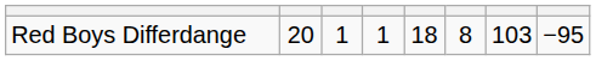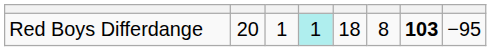 <table class="wikitable" style="text-align: center;">
 <tr>
 <th style="width:175px;"></th>
 <th width="20"></th>
 <th width="20"></th>
 <th width="20"></th>
 <th width="20"></th>
 <th width="20"></th>
 <th width="20"></th>
 <th width="20"></th>
 </tr>
 <tr>
 <td align=left>Red Boys Differdange</td>
 <td>20</td>
 <td>1</td>
-<td>1</td>
+<td style="background: paleturquoise;">1</td>
 <td>18</td>
 <td>8</td>
-<td>103</td>
+<td><strong>103</strong></td>
 <td>−95</td>
 </tr>
 </table>
